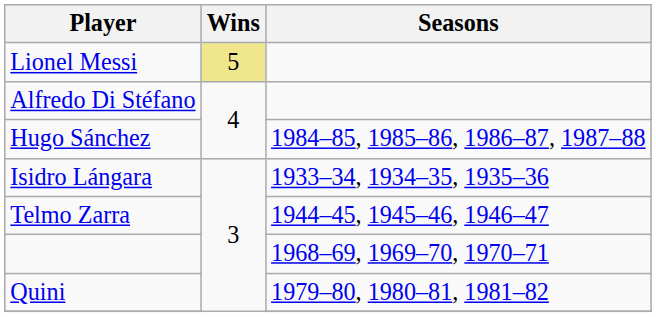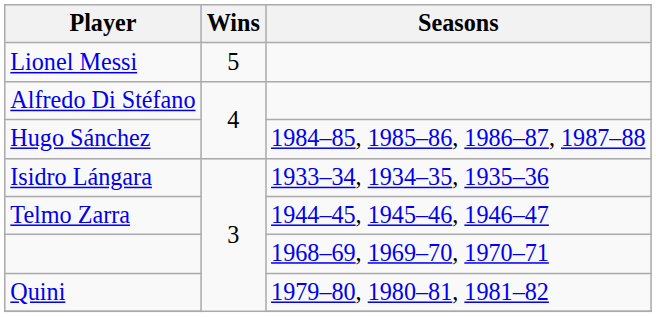 <table class="sortable wikitable">
 <tr>
 <th>Player</th>
 <th>Wins</th>
 <th>Seasons</th>
 </tr>
 <tr>
 <td> <a href='#'>Lionel Messi</a></td>
-<td rowspan="1" align="center" style="background: khaki;">5</td>
+<td rowspan="1" align="center">5</td>
 <td></td>
 </tr>
 <tr>
 <td> <a href='#'>Alfredo Di Stéfano</a></td>
 <td rowspan="2" align="center">4</td>
 <td></td>
 </tr>
 <tr>
 <td> <a href='#'>Hugo Sánchez</a></td>
 <td><a href='#'>1984–85</a>, <a href='#'>1985–86</a>, <a href='#'>1986–87</a>, <a href='#'>1987–88</a></td>
 </tr>
 <tr>
 <td> <a href='#'>Isidro Lángara</a></td>
 <td rowspan="5" align="center">3</td>
 <td><a href='#'>1933–34</a>, <a href='#'>1934–35</a>, <a href='#'>1935–36</a></td>
 </tr>
 <tr>
 <td> <a href='#'>Telmo Zarra</a></td>
 <td><a href='#'>1944–45</a>, <a href='#'>1945–46</a>, <a href='#'>1946–47</a></td>
 </tr>
 <tr>
 <td></td>
 <td><a href='#'>1968–69</a>, <a href='#'>1969–70</a>, <a href='#'>1970–71</a></td>
 </tr>
 <tr>
 <td> <a href='#'>Quini</a></td>
 <td><a href='#'>1979–80</a>, <a href='#'>1980–81</a>, <a href='#'>1981–82</a></td>
 </tr>
 <tr>
 </tr>
 </table>
